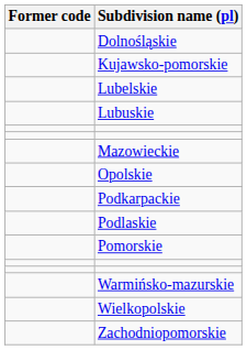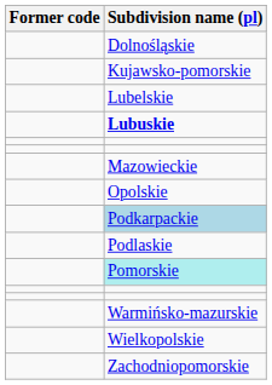 <table class="wikitable sortable mw-collapsible">
 <tr>
 <th>Former code</th>
 <th>Subdivision name (<a href='#'>pl</a>)</th>
 </tr>
 <tr>
 <td></td>
 <td><a href='#'>Dolnośląskie</a></td>
 </tr>
 <tr>
 <td></td>
 <td><a href='#'>Kujawsko-pomorskie</a></td>
 </tr>
 <tr>
 <td></td>
 <td><a href='#'>Lubelskie</a></td>
 </tr>
 <tr>
 <td></td>
-<td><a href='#'>Lubuskie</a></td>
+<td><strong><a href='#'>Lubuskie</a></strong></td>
 </tr>
 <tr>
 <td></td>
 <td></td>
 </tr>
 <tr>
 <td></td>
 <td></td>
 </tr>
 <tr>
 <td></td>
 <td><a href='#'>Mazowieckie</a></td>
 </tr>
 <tr>
 <td></td>
 <td><a href='#'>Opolskie</a></td>
 </tr>
 <tr>
 <td></td>
-<td><a href='#'>Podkarpackie</a></td>
+<td style="background: lightblue;"><a href='#'>Podkarpackie</a></td>
 </tr>
 <tr>
 <td></td>
 <td><a href='#'>Podlaskie</a></td>
 </tr>
 <tr>
 <td></td>
-<td><a href='#'>Pomorskie</a></td>
+<td style="background: paleturquoise;"><a href='#'>Pomorskie</a></td>
 </tr>
 <tr>
 <td></td>
 <td></td>
 </tr>
 <tr>
 <td></td>
 <td></td>
 </tr>
 <tr>
 <td></td>
 <td><a href='#'>Warmińsko-mazurskie</a></td>
 </tr>
 <tr>
 <td></td>
 <td><a href='#'>Wielkopolskie</a></td>
 </tr>
 <tr>
 <td></td>
 <td><a href='#'>Zachodniopomorskie</a></td>
 </tr>
 </table>
